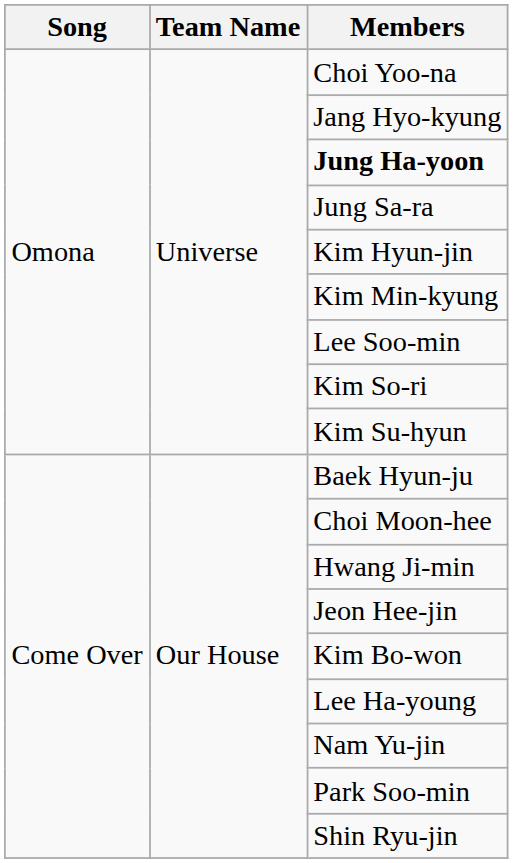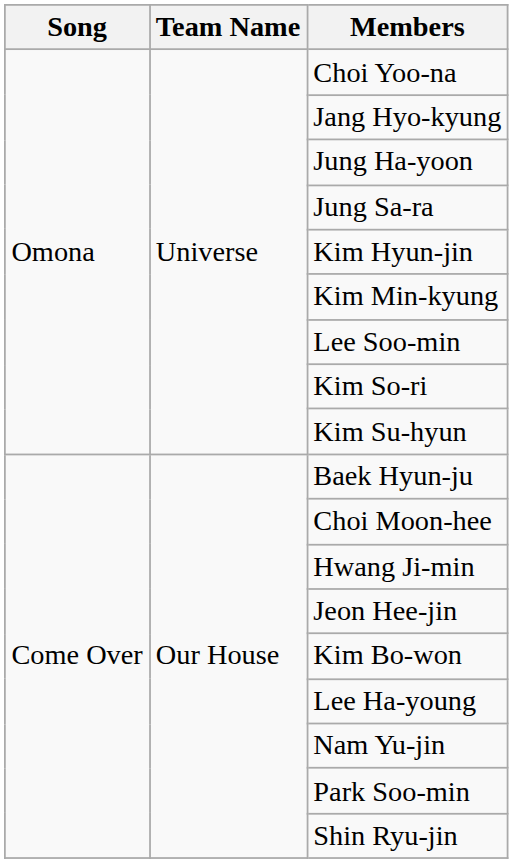 <table class="wikitable">
 <tr>
 <th>Song</th>
 <th>Team Name</th>
 <th>Members</th>
 </tr>
 <tr>
 <td rowspan="9">Omona</td>
 <td rowspan="9">Universe</td>
 <td>Choi Yoo-na</td>
 </tr>
 <tr>
 <td>Jang Hyo-kyung</td>
 </tr>
 <tr>
-<td><strong>Jung Ha-yoon</strong></td>
+<td>Jung Ha-yoon</td>
 </tr>
 <tr>
 <td>Jung Sa-ra</td>
 </tr>
 <tr>
 <td>Kim Hyun-jin</td>
 </tr>
 <tr>
 <td>Kim Min-kyung</td>
 </tr>
 <tr>
 <td>Lee Soo-min</td>
 </tr>
 <tr>
 <td>Kim So-ri</td>
 </tr>
 <tr>
 <td>Kim Su-hyun</td>
 </tr>
 <tr>
 <td rowspan="9">Come Over</td>
 <td rowspan="9">Our House</td>
 <td>Baek Hyun-ju</td>
 </tr>
 <tr>
 <td>Choi Moon-hee</td>
 </tr>
 <tr>
 <td>Hwang Ji-min</td>
 </tr>
 <tr>
 <td>Jeon Hee-jin</td>
 </tr>
 <tr>
 <td>Kim Bo-won</td>
 </tr>
 <tr>
 <td>Lee Ha-young</td>
 </tr>
 <tr>
 <td>Nam Yu-jin</td>
 </tr>
 <tr>
 <td>Park Soo-min</td>
 </tr>
 <tr>
 <td>Shin Ryu-jin</td>
 </tr>
 </table>
